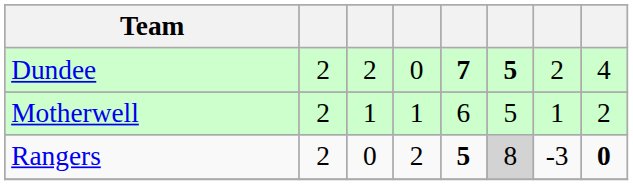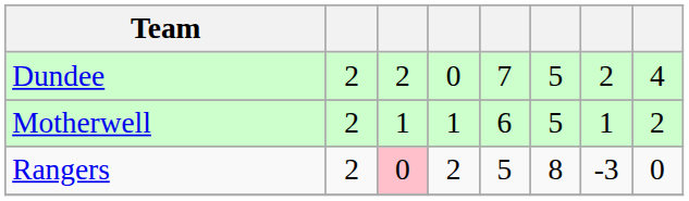 <table class="wikitable" style="text-align:center;">
 <tr>
 <th width=165>Team</th>
 <th width=20></th>
 <th width=20></th>
 <th width=20></th>
 <th width=20></th>
 <th width=20></th>
 <th width=20></th>
 <th width=20></th>
 </tr>
 <tr style="background:#cfc;">
 <td align="left"><a href='#'>Dundee</a></td>
 <td>2</td>
 <td>2</td>
 <td>0</td>
-<td><strong>7</strong></td>
-<td><strong>5</strong></td>
+<td>7</td>
+<td>5</td>
 <td>2</td>
 <td>4</td>
 </tr>
 <tr style="background:#cfc;">
 <td align="left"><a href='#'>Motherwell</a></td>
 <td>2</td>
 <td>1</td>
 <td>1</td>
 <td>6</td>
 <td>5</td>
 <td>1</td>
 <td>2</td>
 </tr>
 <tr>
 <td align="left"><a href='#'>Rangers</a></td>
 <td>2</td>
+<td style="background: pink;">0</td>
+<td>2</td>
+<td>5</td>
+<td>8</td>
+<td>-3</td>
 <td>0</td>
-<td>2</td>
-<td><strong>5</strong></td>
-<td style="background: lightgrey;">8</td>
-<td>-3</td>
-<td><strong>0</strong></td>
 </tr>
 <tr>
 </tr>
 </table>
